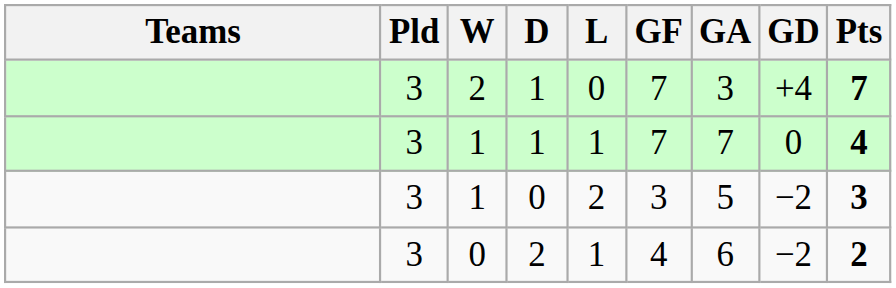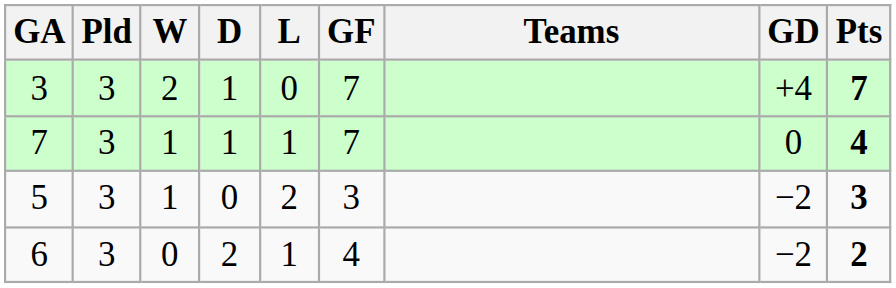 <table class="wikitable" style="text-align: center;">
 <tr>
-<th width=165>Teams</th>
+<th width=20>GA</th>
 <th width=20>Pld</th>
 <th width=20>W</th>
 <th width=20>D</th>
 <th width=20>L</th>
 <th width=20>GF</th>
-<th width=20>GA</th>
+<th width=165>Teams</th>
 <th width=20>GD</th>
 <th width=20>Pts</th>
 </tr>
 <tr align=center style="background:#ccffcc;">
-<td style="text-align:left;"></td>
+<td>3</td>
 <td>3</td>
 <td>2</td>
 <td>1</td>
 <td>0</td>
 <td>7</td>
-<td>3</td>
+<td style="text-align:left;"></td>
 <td>+4</td>
 <td><strong>7</strong></td>
 </tr>
 <tr align=center style="background:#ccffcc;">
-<td style="text-align:left;"></td>
+<td>7</td>
 <td>3</td>
 <td>1</td>
 <td>1</td>
 <td>1</td>
 <td>7</td>
-<td>7</td>
+<td style="text-align:left;"></td>
 <td>0</td>
 <td><strong>4</strong></td>
 </tr>
 <tr align=center>
-<td style="text-align:left;"></td>
+<td>5</td>
 <td>3</td>
 <td>1</td>
 <td>0</td>
 <td>2</td>
 <td>3</td>
-<td>5</td>
+<td style="text-align:left;"></td>
 <td>−2</td>
 <td><strong>3</strong></td>
 </tr>
 <tr align=center>
-<td style="text-align:left;"></td>
+<td>6</td>
 <td>3</td>
 <td>0</td>
 <td>2</td>
 <td>1</td>
 <td>4</td>
-<td>6</td>
+<td style="text-align:left;"></td>
 <td>−2</td>
 <td><strong>2</strong></td>
 </tr>
 </table>
